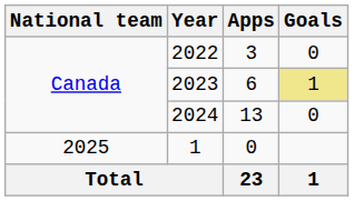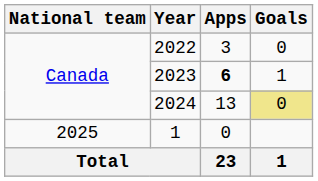 <table class="wikitable" style="text-align:center">
 <tr>
 <th>National team</th>
 <th>Year</th>
 <th>Apps</th>
 <th>Goals</th>
 </tr>
 <tr>
 <td rowspan="3"><a href='#'>Canada</a></td>
 <td>2022</td>
 <td>3</td>
 <td>0</td>
 </tr>
 <tr>
 <td>2023</td>
-<td>6</td>
-<td style="background: khaki;">1</td>
+<td><strong>6</strong></td>
+<td>1</td>
 </tr>
 <tr>
 <td>2024</td>
 <td>13</td>
-<td>0</td>
+<td style="background: khaki;">0</td>
 </tr>
 <tr>
 <td>2025</td>
 <td>1</td>
 <td>0</td>
 </tr>
 <tr>
 <th colspan="2">Total</th>
 <th>23</th>
 <th>1</th>
 </tr>
 </table>
